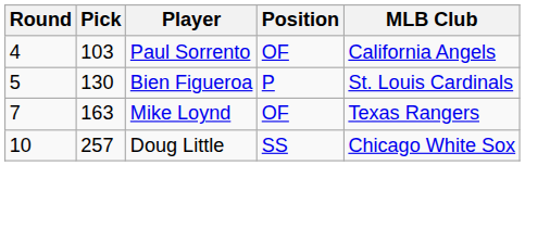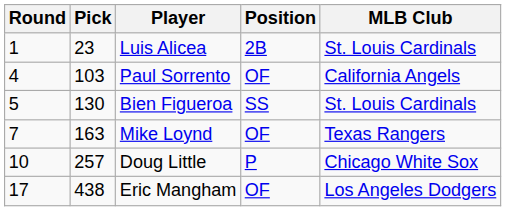 <table class="wikitable">
 <tr>
 <th>Round</th>
 <th>Pick</th>
 <th>Player</th>
 <th>Position</th>
 <th>MLB Club</th>
+</tr>
+<tr>
+<td>1</td>
+<td>23</td>
+<td><a href='#'>Luis Alicea</a></td>
+<td><a href='#'>2B</a></td>
+<td><a href='#'>St. Louis Cardinals</a></td>
 </tr>
 <tr>
 <td>4</td>
 <td>103</td>
 <td><a href='#'>Paul Sorrento</a></td>
 <td><a href='#'>OF</a></td>
 <td><a href='#'>California Angels</a></td>
 </tr>
 <tr>
 <td>5</td>
 <td>130</td>
 <td><a href='#'>Bien Figueroa</a></td>
-<td><a href='#'>P</a></td>
+<td><a href='#'>SS</a></td>
 <td><a href='#'>St. Louis Cardinals</a></td>
 </tr>
 <tr>
 <td>7</td>
 <td>163</td>
 <td><a href='#'>Mike Loynd</a></td>
 <td><a href='#'>OF</a></td>
 <td><a href='#'>Texas Rangers</a></td>
 </tr>
 <tr>
 <td>10</td>
 <td>257</td>
 <td>Doug Little</td>
-<td><a href='#'>SS</a></td>
+<td><a href='#'>P</a></td>
 <td><a href='#'>Chicago White Sox</a></td>
 </tr>
+<tr>
+<td>17</td>
+<td>438</td>
+<td>Eric Mangham</td>
+<td><a href='#'>OF</a></td>
+<td><a href='#'>Los Angeles Dodgers</a></td>
+</tr>
 </table>
